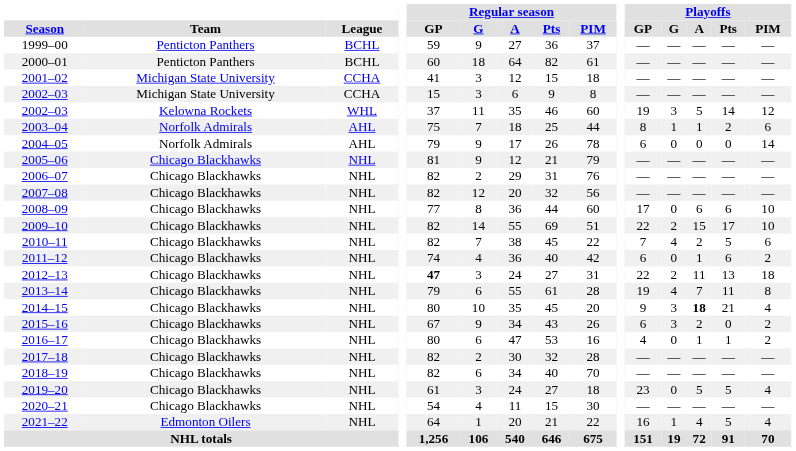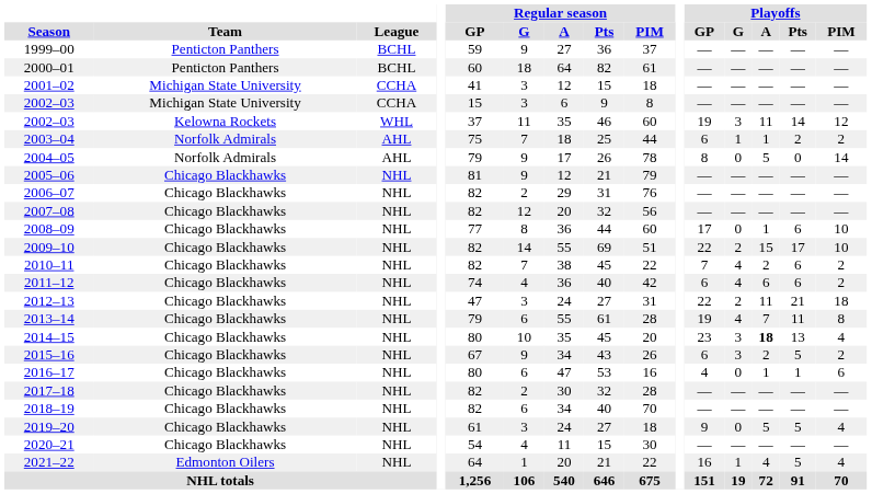 <table border="0" cellpadding="1" cellspacing="0" style="text-align:center; width:60em">
 <tr bgcolor="#e0e0e0">
 <th colspan="3" bgcolor="#ffffff"> </th>
 <th rowspan="99" bgcolor="#ffffff"> </th>
 <th colspan="5"><a href='#'>Regular season</a></th>
 <th rowspan="99" bgcolor="#ffffff"> </th>
 <th colspan="5"><a href='#'>Playoffs</a></th>
 </tr>
 <tr bgcolor="#e0e0e0">
 <th><a href='#'>Season</a></th>
 <th>Team</th>
 <th>League</th>
 <th>GP</th>
 <th><a href='#'>G</a></th>
 <th><a href='#'>A</a></th>
 <th><a href='#'>Pts</a></th>
 <th><a href='#'>PIM</a></th>
 <th>GP</th>
 <th>G</th>
 <th>A</th>
 <th>Pts</th>
 <th>PIM</th>
 </tr>
 <tr>
 <td>1999–00</td>
 <td><a href='#'>Penticton Panthers</a></td>
 <td><a href='#'>BCHL</a></td>
 <td>59</td>
 <td>9</td>
 <td>27</td>
 <td>36</td>
 <td>37</td>
 <td>—</td>
 <td>—</td>
 <td>—</td>
 <td>—</td>
 <td>—</td>
 </tr>
 <tr bgcolor="#f0f0f0">
 <td>2000–01</td>
 <td>Penticton Panthers</td>
 <td>BCHL</td>
 <td>60</td>
 <td>18</td>
 <td>64</td>
 <td>82</td>
 <td>61</td>
 <td>—</td>
 <td>—</td>
 <td>—</td>
 <td>—</td>
 <td>—</td>
 </tr>
 <tr>
 <td><a href='#'>2001–02</a></td>
 <td><a href='#'>Michigan State University</a></td>
 <td><a href='#'>CCHA</a></td>
 <td>41</td>
 <td>3</td>
 <td>12</td>
 <td>15</td>
 <td>18</td>
 <td>—</td>
 <td>—</td>
 <td>—</td>
 <td>—</td>
 <td>—</td>
 </tr>
 <tr bgcolor="#f0f0f0">
 <td><a href='#'>2002–03</a></td>
 <td>Michigan State University</td>
 <td>CCHA</td>
 <td>15</td>
 <td>3</td>
 <td>6</td>
 <td>9</td>
 <td>8</td>
 <td>—</td>
 <td>—</td>
 <td>—</td>
 <td>—</td>
 <td>—</td>
 </tr>
 <tr>
 <td><a href='#'>2002–03</a></td>
 <td><a href='#'>Kelowna Rockets</a></td>
 <td><a href='#'>WHL</a></td>
 <td>37</td>
 <td>11</td>
 <td>35</td>
 <td>46</td>
 <td>60</td>
 <td>19</td>
 <td>3</td>
-<td>5</td>
+<td>11</td>
 <td>14</td>
 <td>12</td>
 </tr>
 <tr bgcolor="#f0f0f0">
 <td><a href='#'>2003–04</a></td>
 <td><a href='#'>Norfolk Admirals</a></td>
 <td><a href='#'>AHL</a></td>
 <td>75</td>
 <td>7</td>
 <td>18</td>
 <td>25</td>
 <td>44</td>
-<td>8</td>
+<td>6</td>
 <td>1</td>
 <td>1</td>
 <td>2</td>
-<td>6</td>
+<td>2</td>
 </tr>
 <tr>
 <td><a href='#'>2004–05</a></td>
 <td>Norfolk Admirals</td>
 <td>AHL</td>
 <td>79</td>
 <td>9</td>
 <td>17</td>
 <td>26</td>
 <td>78</td>
-<td>6</td>
+<td>8</td>
 <td>0</td>
-<td>0</td>
+<td>5</td>
 <td>0</td>
 <td>14</td>
 </tr>
 <tr bgcolor="#f0f0f0">
 <td><a href='#'>2005–06</a></td>
 <td><a href='#'>Chicago Blackhawks</a></td>
 <td><a href='#'>NHL</a></td>
 <td>81</td>
 <td>9</td>
 <td>12</td>
 <td>21</td>
 <td>79</td>
 <td>—</td>
 <td>—</td>
 <td>—</td>
 <td>—</td>
 <td>—</td>
 </tr>
 <tr>
 <td><a href='#'>2006–07</a></td>
 <td>Chicago Blackhawks</td>
 <td>NHL</td>
 <td>82</td>
 <td>2</td>
 <td>29</td>
 <td>31</td>
 <td>76</td>
 <td>—</td>
 <td>—</td>
 <td>—</td>
 <td>—</td>
 <td>—</td>
 </tr>
 <tr bgcolor="#f0f0f0">
 <td><a href='#'>2007–08</a></td>
 <td>Chicago Blackhawks</td>
 <td>NHL</td>
 <td>82</td>
 <td>12</td>
 <td>20</td>
 <td>32</td>
 <td>56</td>
 <td>—</td>
 <td>—</td>
 <td>—</td>
 <td>—</td>
 <td>—</td>
 </tr>
 <tr>
 <td><a href='#'>2008–09</a></td>
 <td>Chicago Blackhawks</td>
 <td>NHL</td>
 <td>77</td>
 <td>8</td>
 <td>36</td>
 <td>44</td>
 <td>60</td>
 <td>17</td>
 <td>0</td>
-<td>6</td>
+<td>1</td>
 <td>6</td>
 <td>10</td>
 </tr>
 <tr bgcolor="#f0f0f0">
 <td><a href='#'>2009–10</a></td>
 <td>Chicago Blackhawks</td>
 <td>NHL</td>
 <td>82</td>
 <td>14</td>
 <td>55</td>
 <td>69</td>
 <td>51</td>
 <td>22</td>
 <td>2</td>
 <td>15</td>
 <td>17</td>
 <td>10</td>
 </tr>
 <tr>
 <td><a href='#'>2010–11</a></td>
 <td>Chicago Blackhawks</td>
 <td>NHL</td>
 <td>82</td>
 <td>7</td>
 <td>38</td>
 <td>45</td>
 <td>22</td>
 <td>7</td>
 <td>4</td>
 <td>2</td>
-<td>5</td>
 <td>6</td>
+<td>2</td>
 </tr>
 <tr bgcolor="#f0f0f0">
 <td><a href='#'>2011–12</a></td>
 <td>Chicago Blackhawks</td>
 <td>NHL</td>
 <td>74</td>
 <td>4</td>
 <td>36</td>
 <td>40</td>
 <td>42</td>
 <td>6</td>
-<td>0</td>
-<td>1</td>
+<td>4</td>
+<td>6</td>
 <td>6</td>
 <td>2</td>
 </tr>
 <tr>
 <td><a href='#'>2012–13</a></td>
 <td>Chicago Blackhawks</td>
 <td>NHL</td>
-<td><strong>47</strong></td>
+<td>47</td>
 <td>3</td>
 <td>24</td>
 <td>27</td>
 <td>31</td>
 <td>22</td>
 <td>2</td>
 <td>11</td>
-<td>13</td>
+<td>21</td>
 <td>18</td>
 </tr>
 <tr bgcolor="#f0f0f0">
 <td><a href='#'>2013–14</a></td>
 <td>Chicago Blackhawks</td>
 <td>NHL</td>
 <td>79</td>
 <td>6</td>
 <td>55</td>
 <td>61</td>
 <td>28</td>
 <td>19</td>
 <td>4</td>
 <td>7</td>
 <td>11</td>
 <td>8</td>
 </tr>
 <tr>
 <td><a href='#'>2014–15</a></td>
 <td>Chicago Blackhawks</td>
 <td>NHL</td>
 <td>80</td>
 <td>10</td>
 <td>35</td>
 <td>45</td>
 <td>20</td>
-<td>9</td>
+<td>23</td>
 <td>3</td>
 <td><strong>18</strong></td>
-<td>21</td>
+<td>13</td>
 <td>4</td>
 </tr>
 <tr bgcolor="#f0f0f0">
 <td><a href='#'>2015–16</a></td>
 <td>Chicago Blackhawks</td>
 <td>NHL</td>
 <td>67</td>
 <td>9</td>
 <td>34</td>
 <td>43</td>
 <td>26</td>
 <td>6</td>
 <td>3</td>
 <td>2</td>
-<td>0</td>
+<td>5</td>
 <td>2</td>
 </tr>
 <tr>
 <td><a href='#'>2016–17</a></td>
 <td>Chicago Blackhawks</td>
 <td>NHL</td>
 <td>80</td>
 <td>6</td>
 <td>47</td>
 <td>53</td>
 <td>16</td>
 <td>4</td>
 <td>0</td>
 <td>1</td>
 <td>1</td>
-<td>2</td>
+<td>6</td>
 </tr>
 <tr bgcolor="#f0f0f0">
 <td><a href='#'>2017–18</a></td>
 <td>Chicago Blackhawks</td>
 <td>NHL</td>
 <td>82</td>
 <td>2</td>
 <td>30</td>
 <td>32</td>
 <td>28</td>
 <td>—</td>
 <td>—</td>
 <td>—</td>
 <td>—</td>
 <td>—</td>
 </tr>
 <tr>
 <td><a href='#'>2018–19</a></td>
 <td>Chicago Blackhawks</td>
 <td>NHL</td>
 <td>82</td>
 <td>6</td>
 <td>34</td>
 <td>40</td>
 <td>70</td>
 <td>—</td>
 <td>—</td>
 <td>—</td>
 <td>—</td>
 <td>—</td>
 </tr>
 <tr bgcolor="#f0f0f0">
 <td><a href='#'>2019–20</a></td>
 <td>Chicago Blackhawks</td>
 <td>NHL</td>
 <td>61</td>
 <td>3</td>
 <td>24</td>
 <td>27</td>
 <td>18</td>
-<td>23</td>
+<td>9</td>
 <td>0</td>
 <td>5</td>
 <td>5</td>
 <td>4</td>
 </tr>
 <tr>
 <td><a href='#'>2020–21</a></td>
 <td>Chicago Blackhawks</td>
 <td>NHL</td>
 <td>54</td>
 <td>4</td>
 <td>11</td>
 <td>15</td>
 <td>30</td>
 <td>—</td>
 <td>—</td>
 <td>—</td>
 <td>—</td>
 <td>—</td>
 </tr>
 <tr bgcolor="#f0f0f0">
 <td><a href='#'>2021–22</a></td>
 <td><a href='#'>Edmonton Oilers</a></td>
 <td>NHL</td>
 <td>64</td>
 <td>1</td>
 <td>20</td>
 <td>21</td>
 <td>22</td>
 <td>16</td>
 <td>1</td>
 <td>4</td>
 <td>5</td>
 <td>4</td>
 </tr>
 <tr style="background:#e0e0e0;">
 <th colspan="3">NHL totals</th>
 <th>1,256</th>
 <th>106</th>
 <th>540</th>
 <th>646</th>
 <th>675</th>
 <th>151</th>
 <th>19</th>
 <th>72</th>
 <th>91</th>
 <th>70</th>
 </tr>
 </table>
